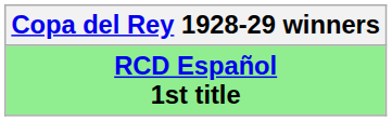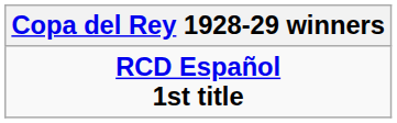 <table class="wikitable" style="text-align: center; margin: 0 auto;">
 <tr>
 <th><a href='#'>Copa del Rey</a> 1928-29 winners</th>
 </tr>
 <tr>
-<td style="background: lightgreen;"><strong><a href='#'>RCD Español</a></strong><br><strong>1st title</strong></td>
+<td><strong><a href='#'>RCD Español</a></strong><br><strong>1st title</strong></td>
 </tr>
 </table>
